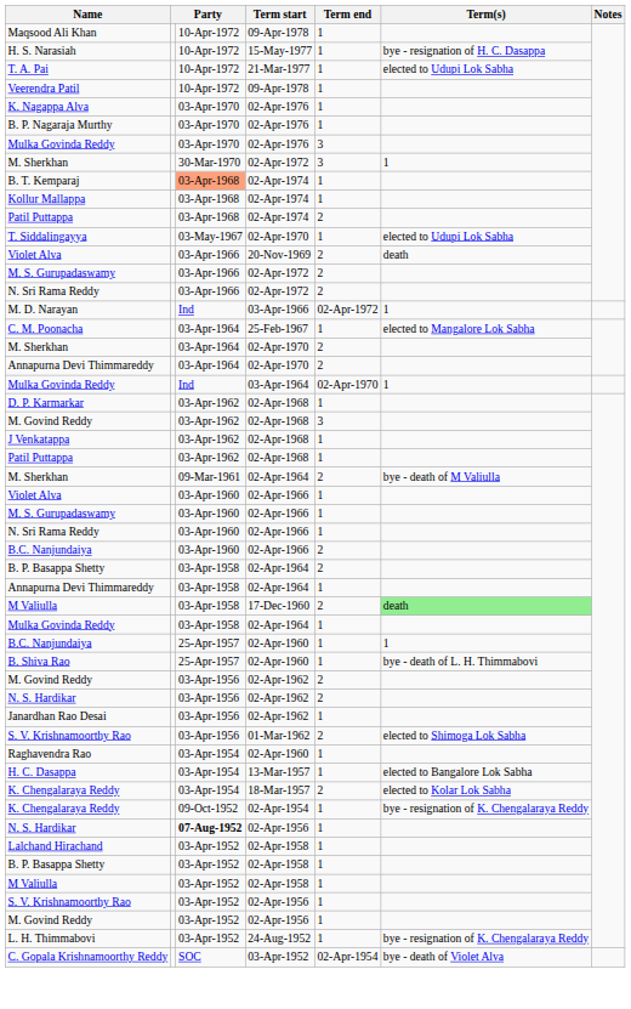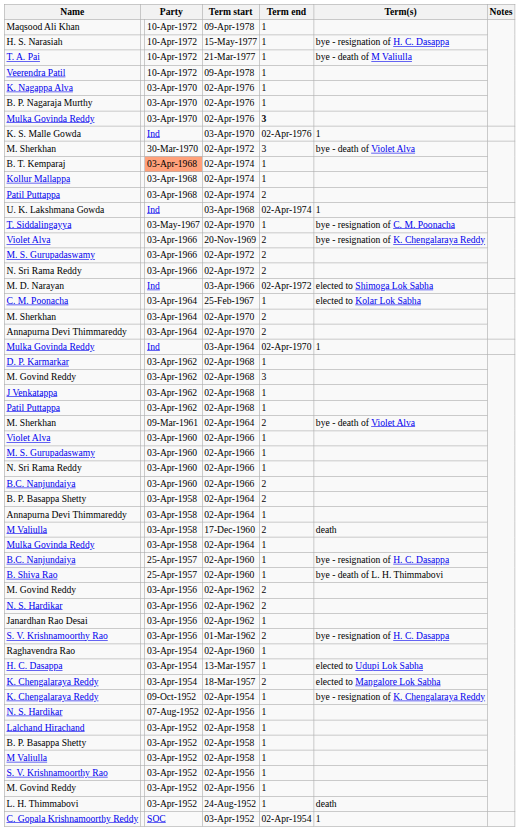 <table class="wikitable sortable">
 <tr>
 <th>Name</th>
 <th colspan="2">Party</th>
 <th>Term start</th>
 <th>Term end</th>
 <th>Term(s)</th>
 <th>Notes</th>
 </tr>
 <tr>
 <td>Maqsood Ali Khan</td>
 <td></td>
 <td>10-Apr-1972</td>
 <td>09-Apr-1978</td>
 <td>1</td>
 <td></td>
 </tr>
 <tr>
 <td>H. S. Narasiah</td>
 <td></td>
 <td>10-Apr-1972</td>
 <td>15-May-1977</td>
 <td>1</td>
 <td>bye - resignation of <a href='#'>H. C. Dasappa</a></td>
 </tr>
 <tr>
 <td><a href='#'>T. A. Pai</a></td>
 <td></td>
 <td>10-Apr-1972</td>
 <td>21-Mar-1977</td>
 <td>1</td>
-<td>elected to <a href='#'>Udupi Lok Sabha</a></td>
+<td>bye - death of <a href='#'>M Valiulla</a></td>
 </tr>
 <tr>
 <td><a href='#'>Veerendra Patil</a></td>
 <td></td>
 <td>10-Apr-1972</td>
 <td>09-Apr-1978</td>
 <td>1</td>
 <td></td>
 </tr>
 <tr>
 <td><a href='#'>K. Nagappa Alva</a></td>
 <td></td>
 <td>03-Apr-1970</td>
 <td>02-Apr-1976</td>
 <td>1</td>
 <td></td>
 </tr>
 <tr>
 <td>B. P. Nagaraja Murthy</td>
 <td></td>
 <td>03-Apr-1970</td>
 <td>02-Apr-1976</td>
 <td>1</td>
 <td></td>
 </tr>
 <tr>
 <td><a href='#'>Mulka Govinda Reddy</a></td>
 <td></td>
 <td>03-Apr-1970</td>
 <td>02-Apr-1976</td>
-<td>3</td>
+<td><strong>3</strong></td>
+<td></td>
+</tr>
+<tr>
+<td>K. S. Malle Gowda</td>
+<td style="background-color: "></td>
+<td><a href='#'>Ind</a></td>
+<td>03-Apr-1970</td>
+<td>02-Apr-1976</td>
+<td>1</td>
 <td></td>
 </tr>
 <tr>
 <td>M. Sherkhan</td>
 <td></td>
 <td>30-Mar-1970</td>
 <td>02-Apr-1972</td>
 <td>3</td>
-<td>1</td>
+<td>bye - death of <a href='#'>Violet Alva</a></td>
 </tr>
 <tr>
 <td>B. T. Kemparaj</td>
 <td></td>
 <td style="background: lightsalmon;">03-Apr-1968</td>
 <td>02-Apr-1974</td>
 <td>1</td>
 <td></td>
 </tr>
 <tr>
 <td><a href='#'>Kollur Mallappa</a></td>
 <td></td>
 <td>03-Apr-1968</td>
 <td>02-Apr-1974</td>
 <td>1</td>
 <td></td>
 </tr>
 <tr>
 <td><a href='#'>Patil Puttappa</a></td>
 <td></td>
 <td>03-Apr-1968</td>
 <td>02-Apr-1974</td>
 <td>2</td>
 <td></td>
 </tr>
 <tr>
+<td>U. K. Lakshmana Gowda</td>
+<td style="background-color: "></td>
+<td><a href='#'>Ind</a></td>
+<td>03-Apr-1968</td>
+<td>02-Apr-1974</td>
+<td>1</td>
+<td></td>
+</tr>
+<tr>
 <td><a href='#'>T. Siddalingayya</a></td>
 <td></td>
 <td>03-May-1967</td>
 <td>02-Apr-1970</td>
 <td>1</td>
-<td>elected to <a href='#'>Udupi Lok Sabha</a></td>
+<td>bye - resignation of <a href='#'>C. M. Poonacha</a></td>
 </tr>
 <tr>
 <td><a href='#'>Violet Alva</a></td>
 <td></td>
 <td>03-Apr-1966</td>
 <td>20-Nov-1969</td>
 <td>2</td>
-<td>death</td>
+<td>bye - resignation of <a href='#'>K. Chengalaraya Reddy</a></td>
 </tr>
 <tr>
 <td><a href='#'>M. S. Gurupadaswamy</a></td>
 <td></td>
 <td>03-Apr-1966</td>
 <td>02-Apr-1972</td>
 <td>2</td>
 <td></td>
 </tr>
 <tr>
 <td>N. Sri Rama Reddy</td>
 <td></td>
 <td>03-Apr-1966</td>
 <td>02-Apr-1972</td>
 <td>2</td>
 <td></td>
 </tr>
 <tr>
 <td>M. D. Narayan</td>
 <td style="background-color: "></td>
 <td><a href='#'>Ind</a></td>
 <td>03-Apr-1966</td>
 <td>02-Apr-1972</td>
-<td>1</td>
+<td>elected to <a href='#'>Shimoga Lok Sabha</a></td>
 <td></td>
 </tr>
 <tr>
 <td><a href='#'>C. M. Poonacha</a></td>
 <td></td>
 <td>03-Apr-1964</td>
 <td>25-Feb-1967</td>
 <td>1</td>
-<td>elected to <a href='#'>Mangalore Lok Sabha</a></td>
+<td>elected to <a href='#'>Kolar Lok Sabha</a></td>
 </tr>
 <tr>
 <td>M. Sherkhan</td>
 <td></td>
 <td>03-Apr-1964</td>
 <td>02-Apr-1970</td>
 <td>2</td>
 <td></td>
 </tr>
 <tr>
 <td>Annapurna Devi Thimmareddy</td>
 <td></td>
 <td>03-Apr-1964</td>
 <td>02-Apr-1970</td>
 <td>2</td>
 <td></td>
 </tr>
 <tr>
 <td><a href='#'>Mulka Govinda Reddy</a></td>
 <td style="background-color: "></td>
 <td><a href='#'>Ind</a></td>
 <td>03-Apr-1964</td>
 <td>02-Apr-1970</td>
 <td>1</td>
 <td></td>
 </tr>
 <tr>
 <td><a href='#'>D. P. Karmarkar</a></td>
 <td></td>
 <td>03-Apr-1962</td>
 <td>02-Apr-1968</td>
 <td>1</td>
 <td></td>
 </tr>
 <tr>
 <td>M. Govind Reddy</td>
 <td></td>
 <td>03-Apr-1962</td>
 <td>02-Apr-1968</td>
 <td>3</td>
 <td></td>
 </tr>
 <tr>
 <td><a href='#'>J Venkatappa</a></td>
 <td></td>
 <td>03-Apr-1962</td>
 <td>02-Apr-1968</td>
 <td>1</td>
 <td></td>
 </tr>
 <tr>
 <td><a href='#'>Patil Puttappa</a></td>
 <td></td>
 <td>03-Apr-1962</td>
 <td>02-Apr-1968</td>
 <td>1</td>
 <td></td>
 </tr>
 <tr>
 <td>M. Sherkhan</td>
 <td></td>
 <td>09-Mar-1961</td>
 <td>02-Apr-1964</td>
 <td>2</td>
-<td>bye - death of <a href='#'>M Valiulla</a></td>
+<td>bye - death of <a href='#'>Violet Alva</a></td>
 </tr>
 <tr>
 <td><a href='#'>Violet Alva</a></td>
 <td></td>
 <td>03-Apr-1960</td>
 <td>02-Apr-1966</td>
 <td>1</td>
 <td></td>
 </tr>
 <tr>
 <td><a href='#'>M. S. Gurupadaswamy</a></td>
 <td></td>
 <td>03-Apr-1960</td>
 <td>02-Apr-1966</td>
 <td>1</td>
 <td></td>
 </tr>
 <tr>
 <td>N. Sri Rama Reddy</td>
 <td></td>
 <td>03-Apr-1960</td>
 <td>02-Apr-1966</td>
 <td>1</td>
 <td></td>
 </tr>
 <tr>
 <td><a href='#'>B.C. Nanjundaiya</a></td>
 <td></td>
 <td>03-Apr-1960</td>
 <td>02-Apr-1966</td>
 <td>2</td>
 <td></td>
 </tr>
 <tr>
 <td>B. P. Basappa Shetty</td>
 <td></td>
 <td>03-Apr-1958</td>
 <td>02-Apr-1964</td>
 <td>2</td>
 <td></td>
 </tr>
 <tr>
 <td>Annapurna Devi Thimmareddy</td>
 <td></td>
 <td>03-Apr-1958</td>
 <td>02-Apr-1964</td>
 <td>1</td>
 <td></td>
 </tr>
 <tr>
 <td><a href='#'>M Valiulla</a></td>
 <td></td>
 <td>03-Apr-1958</td>
 <td>17-Dec-1960</td>
 <td>2</td>
-<td style="background: lightgreen;">death</td>
+<td>death</td>
 </tr>
 <tr>
 <td><a href='#'>Mulka Govinda Reddy</a></td>
 <td></td>
 <td>03-Apr-1958</td>
 <td>02-Apr-1964</td>
 <td>1</td>
 <td></td>
 </tr>
 <tr>
 <td><a href='#'>B.C. Nanjundaiya</a></td>
 <td></td>
 <td>25-Apr-1957</td>
 <td>02-Apr-1960</td>
 <td>1</td>
-<td>1</td>
+<td>bye - resignation of <a href='#'>H. C. Dasappa</a></td>
 </tr>
 <tr>
 <td><a href='#'>B. Shiva Rao</a></td>
 <td></td>
 <td>25-Apr-1957</td>
 <td>02-Apr-1960</td>
 <td>1</td>
 <td>bye - death of L. H. Thimmabovi</td>
 </tr>
 <tr>
 <td>M. Govind Reddy</td>
 <td></td>
 <td>03-Apr-1956</td>
 <td>02-Apr-1962</td>
 <td>2</td>
 <td></td>
 </tr>
 <tr>
 <td><a href='#'>N. S. Hardikar</a></td>
 <td></td>
 <td>03-Apr-1956</td>
 <td>02-Apr-1962</td>
 <td>2</td>
 <td></td>
 </tr>
 <tr>
 <td>Janardhan Rao Desai</td>
 <td></td>
 <td>03-Apr-1956</td>
 <td>02-Apr-1962</td>
 <td>1</td>
 <td></td>
 </tr>
 <tr>
 <td><a href='#'>S. V. Krishnamoorthy Rao</a></td>
 <td></td>
 <td>03-Apr-1956</td>
 <td>01-Mar-1962</td>
 <td>2</td>
-<td>elected to <a href='#'>Shimoga Lok Sabha</a></td>
+<td>bye - resignation of <a href='#'>H. C. Dasappa</a></td>
 </tr>
 <tr>
 <td>Raghavendra Rao</td>
 <td></td>
 <td>03-Apr-1954</td>
 <td>02-Apr-1960</td>
 <td>1</td>
 <td></td>
 </tr>
 <tr>
 <td><a href='#'>H. C. Dasappa</a></td>
 <td></td>
 <td>03-Apr-1954</td>
 <td>13-Mar-1957</td>
 <td>1</td>
-<td>elected to Bangalore Lok Sabha</td>
+<td>elected to <a href='#'>Udupi Lok Sabha</a></td>
 </tr>
 <tr>
 <td><a href='#'>K. Chengalaraya Reddy</a></td>
 <td></td>
 <td>03-Apr-1954</td>
 <td>18-Mar-1957</td>
 <td>2</td>
-<td>elected to <a href='#'>Kolar Lok Sabha</a></td>
+<td>elected to <a href='#'>Mangalore Lok Sabha</a></td>
 </tr>
 <tr>
 <td><a href='#'>K. Chengalaraya Reddy</a></td>
 <td></td>
 <td>09-Oct-1952</td>
 <td>02-Apr-1954</td>
 <td>1</td>
 <td>bye - resignation of <a href='#'>K. Chengalaraya Reddy</a></td>
 </tr>
 <tr>
 <td><a href='#'>N. S. Hardikar</a></td>
 <td></td>
-<td><strong>07-Aug-1952</strong></td>
+<td>07-Aug-1952</td>
 <td>02-Apr-1956</td>
 <td>1</td>
 <td></td>
 </tr>
 <tr>
 <td><a href='#'>Lalchand Hirachand</a></td>
 <td></td>
 <td>03-Apr-1952</td>
 <td>02-Apr-1958</td>
 <td>1</td>
 <td></td>
 </tr>
 <tr>
 <td>B. P. Basappa Shetty</td>
 <td></td>
 <td>03-Apr-1952</td>
 <td>02-Apr-1958</td>
 <td>1</td>
 <td></td>
 </tr>
 <tr>
 <td><a href='#'>M Valiulla</a></td>
 <td></td>
 <td>03-Apr-1952</td>
 <td>02-Apr-1958</td>
 <td>1</td>
 <td></td>
 </tr>
 <tr>
 <td><a href='#'>S. V. Krishnamoorthy Rao</a></td>
 <td></td>
 <td>03-Apr-1952</td>
 <td>02-Apr-1956</td>
 <td>1</td>
 <td></td>
 </tr>
 <tr>
 <td>M. Govind Reddy</td>
 <td></td>
 <td>03-Apr-1952</td>
 <td>02-Apr-1956</td>
 <td>1</td>
 <td></td>
 </tr>
 <tr>
 <td>L. H. Thimmabovi</td>
 <td></td>
 <td>03-Apr-1952</td>
 <td>24-Aug-1952</td>
 <td>1</td>
-<td>bye - resignation of <a href='#'>K. Chengalaraya Reddy</a></td>
+<td>death</td>
 </tr>
 <tr>
 <td><a href='#'>C. Gopala Krishnamoorthy Reddy</a></td>
 <td style="background-color: "></td>
 <td><a href='#'>SOC</a></td>
 <td>03-Apr-1952</td>
 <td>02-Apr-1954</td>
-<td>bye - death of <a href='#'>Violet Alva</a></td>
+<td>1</td>
 <td></td>
 </tr>
 </table>
